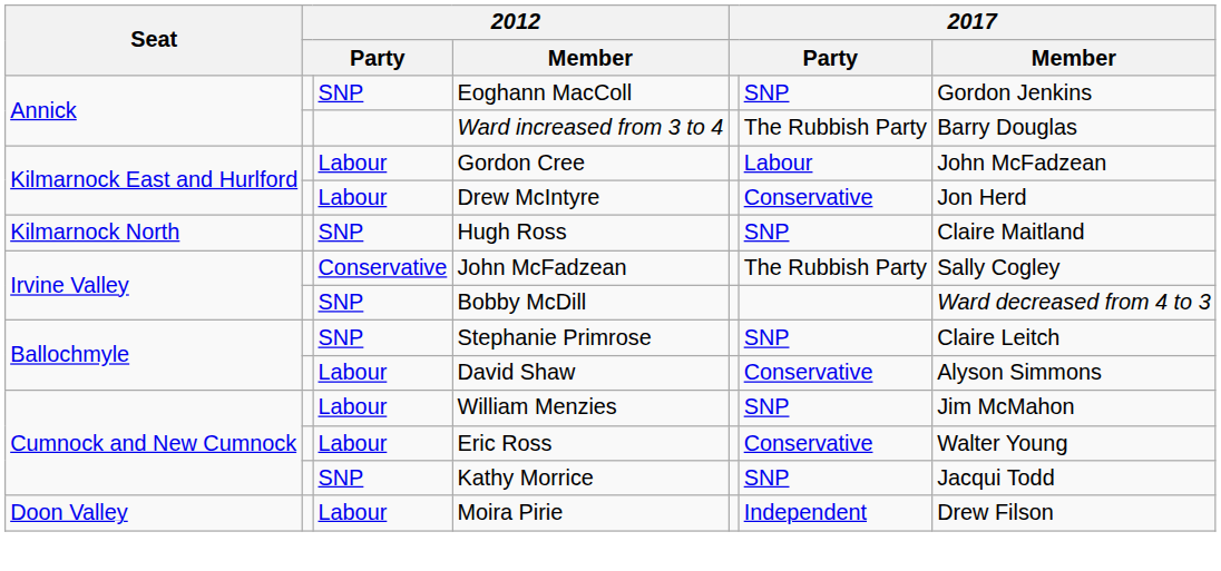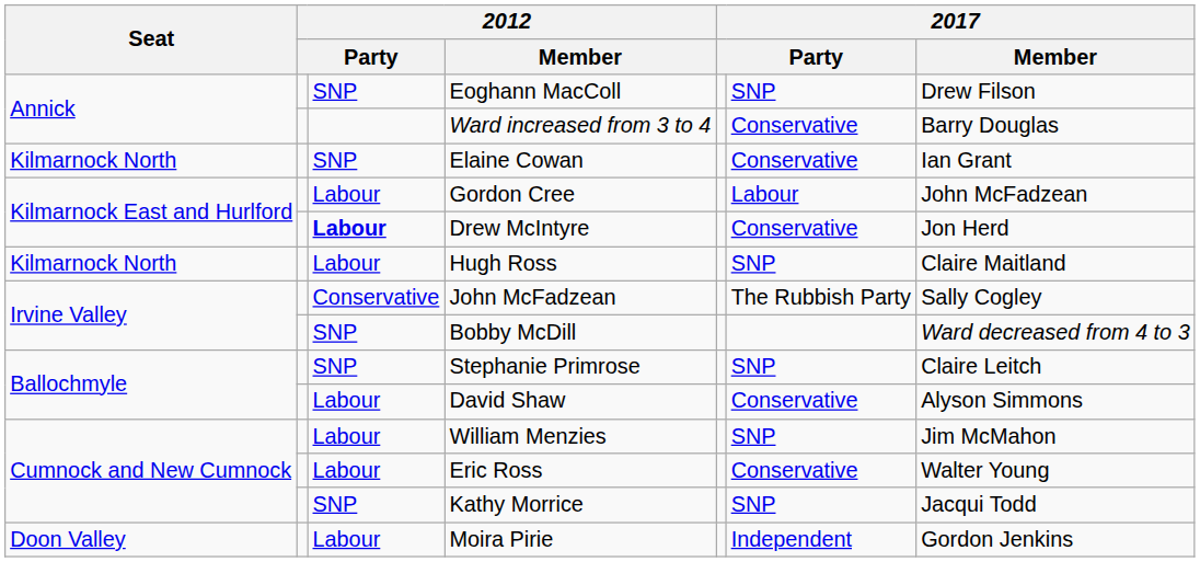 <table class="wikitable">
 <tr>
 <th rowspan="2" style="text-align:center">Seat</th>
 <th colspan="3" style="text-align:center"><em>2012</em></th>
 <th colspan="3" style="text-align:center"><em>2017</em></th>
 </tr>
 <tr>
 <th colspan="2" style="text-align:center">Party</th>
 <th style="text-align:center">Member</th>
 <th colspan="2" style="text-align:center">Party</th>
 <th style="text-align:center">Member</th>
 </tr>
 <tr>
 <td rowspan="2"><a href='#'>Annick</a></td>
 <td></td>
 <td><a href='#'>SNP</a></td>
 <td>Eoghann MacColl</td>
 <td></td>
 <td><a href='#'>SNP</a></td>
-<td>Gordon Jenkins</td>
+<td>Drew Filson</td>
 </tr>
 <tr>
 <td></td>
 <td></td>
 <td><em>Ward increased from 3 to 4</em></td>
 <td></td>
-<td>The Rubbish Party</td>
+<td><a href='#'>Conservative</a></td>
 <td>Barry Douglas</td>
+</tr>
+<tr>
+<td><a href='#'>Kilmarnock North</a></td>
+<td></td>
+<td><a href='#'>SNP</a></td>
+<td>Elaine Cowan</td>
+<td></td>
+<td><a href='#'>Conservative</a></td>
+<td>Ian Grant</td>
 </tr>
 <tr>
 <td rowspan="2"><a href='#'>Kilmarnock East and Hurlford</a></td>
 <td></td>
 <td><a href='#'>Labour</a></td>
 <td>Gordon Cree</td>
 <td></td>
 <td><a href='#'>Labour</a></td>
 <td>John McFadzean</td>
 </tr>
 <tr>
 <td></td>
-<td><a href='#'>Labour</a></td>
+<td><strong><a href='#'>Labour</a></strong></td>
 <td>Drew McIntyre</td>
 <td></td>
 <td><a href='#'>Conservative</a></td>
 <td>Jon Herd</td>
 </tr>
 <tr>
 <td><a href='#'>Kilmarnock North</a></td>
 <td></td>
-<td><a href='#'>SNP</a></td>
+<td><a href='#'>Labour</a></td>
 <td>Hugh Ross</td>
 <td></td>
 <td><a href='#'>SNP</a></td>
 <td>Claire Maitland</td>
 </tr>
 <tr>
 <td rowspan="2"><a href='#'>Irvine Valley</a></td>
 <td></td>
 <td><a href='#'>Conservative</a></td>
 <td>John McFadzean</td>
 <td></td>
 <td>The Rubbish Party</td>
 <td>Sally Cogley</td>
 </tr>
 <tr>
 <td></td>
 <td><a href='#'>SNP</a></td>
 <td>Bobby McDill</td>
 <td></td>
 <td></td>
 <td><em>Ward decreased from 4 to 3</em></td>
 </tr>
 <tr>
 <td rowspan="2"><a href='#'>Ballochmyle</a></td>
 <td></td>
 <td><a href='#'>SNP</a></td>
 <td>Stephanie Primrose</td>
 <td></td>
 <td><a href='#'>SNP</a></td>
 <td>Claire Leitch</td>
 </tr>
 <tr>
 <td></td>
 <td><a href='#'>Labour</a></td>
 <td>David Shaw</td>
 <td></td>
 <td><a href='#'>Conservative</a></td>
 <td>Alyson Simmons</td>
 </tr>
 <tr>
 <td rowspan="3"><a href='#'>Cumnock and New Cumnock</a></td>
 <td></td>
 <td><a href='#'>Labour</a></td>
 <td>William Menzies</td>
 <td></td>
 <td><a href='#'>SNP</a></td>
 <td>Jim McMahon</td>
 </tr>
 <tr>
 <td></td>
 <td><a href='#'>Labour</a></td>
 <td>Eric Ross</td>
 <td></td>
 <td><a href='#'>Conservative</a></td>
 <td>Walter Young</td>
 </tr>
 <tr>
 <td></td>
 <td><a href='#'>SNP</a></td>
 <td>Kathy Morrice</td>
 <td></td>
 <td><a href='#'>SNP</a></td>
 <td>Jacqui Todd</td>
 </tr>
 <tr>
 <td><a href='#'>Doon Valley</a></td>
 <td></td>
 <td><a href='#'>Labour</a></td>
 <td>Moira Pirie</td>
 <td></td>
 <td><a href='#'>Independent</a></td>
-<td>Drew Filson</td>
+<td>Gordon Jenkins</td>
 </tr>
 </table>
